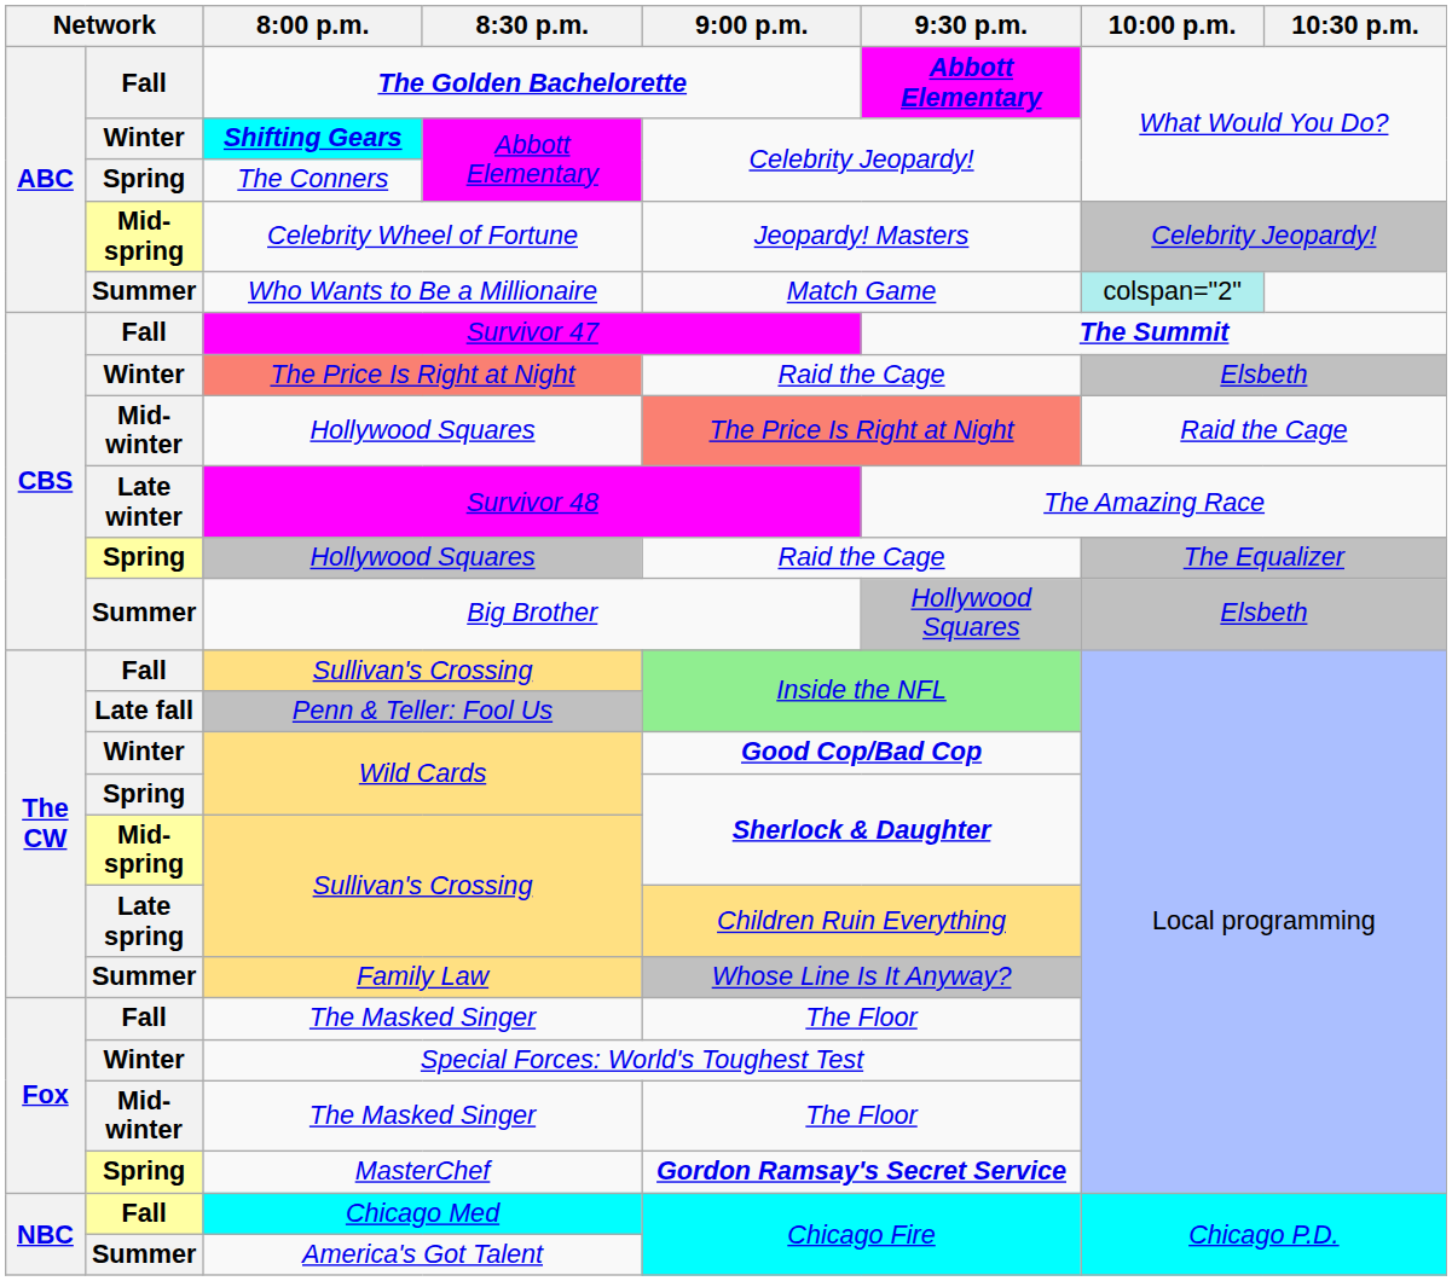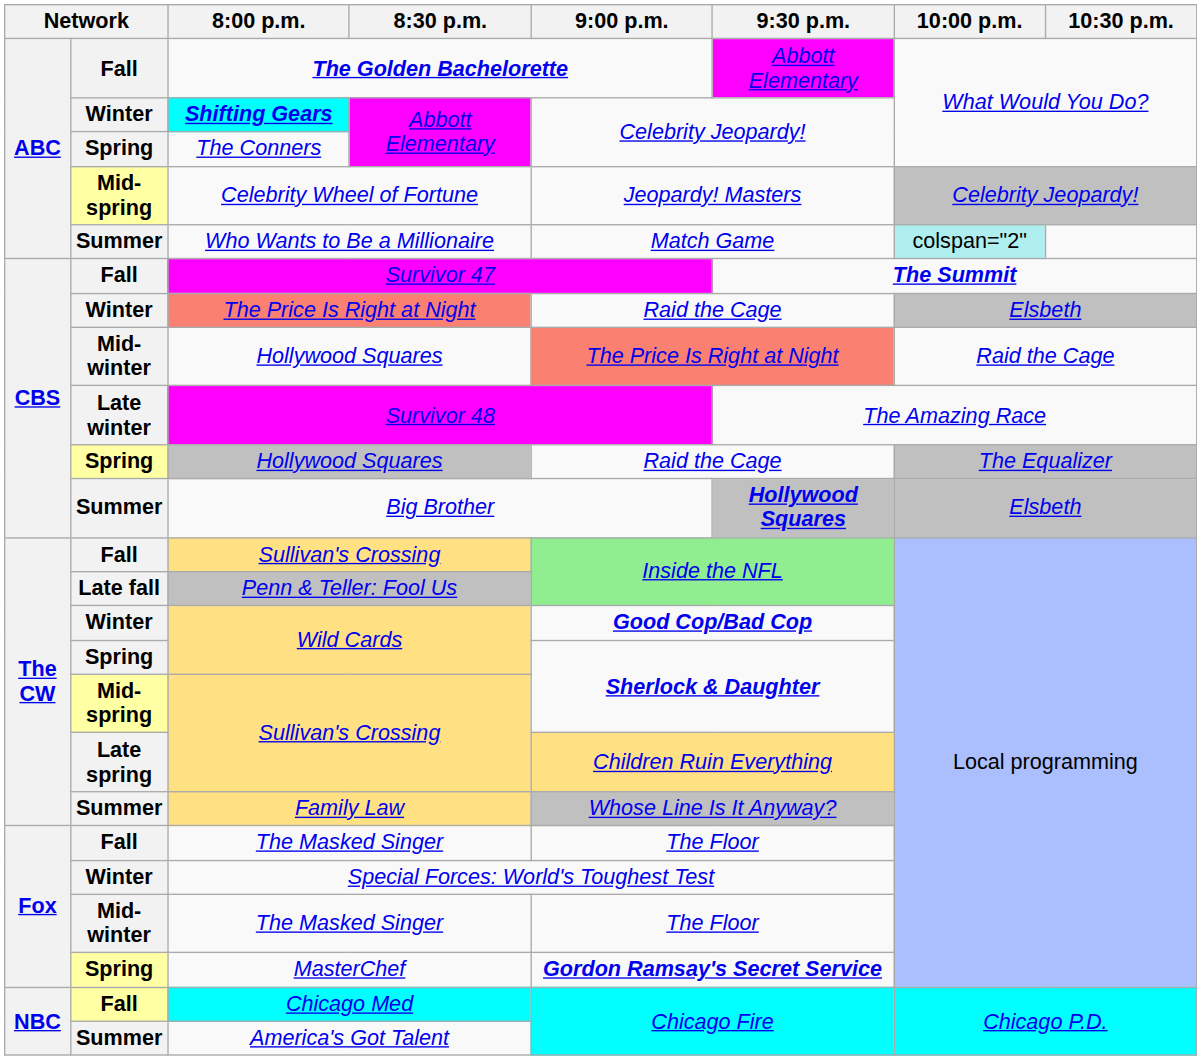 <table class="wikitable" style="width:100%;margin-right:0;text-align:center">
 <tr>
 <th colspan="2" style="width:13%;">Network</th>
 <th style="width:15%;">8:00 p.m.</th>
 <th style="width:15%;">8:30 p.m.</th>
 <th style="width:15%;">9:00 p.m.</th>
 <th style="width:15%;">9:30 p.m.</th>
 <th style="width:12.5%;">10:00 p.m.</th>
 <th style="width:12.5%;">10:30 p.m.</th>
 </tr>
 <tr>
 <th rowspan="5"><a href='#'>ABC</a></th>
 <th>Fall</th>
 <td colspan="3"><strong><em><a href='#'>The Golden Bachelorette</a></em></strong></td>
-<td style="background:magenta;"><strong><em><a href='#'>Abbott Elementary</a></em> </strong></td>
+<td style="background:magenta;"><em><a href='#'>Abbott Elementary</a></em> </td>
 <td rowspan="3" colspan="2"><em><a href='#'>What Would You Do?</a></em></td>
 </tr>
 <tr>
 <th>Winter</th>
 <td style="background:cyan;"><strong><em><a href='#'>Shifting Gears</a></em></strong> </td>
 <td style="background:magenta;" rowspan="2"><em><a href='#'>Abbott Elementary</a></em> </td>
 <td rowspan="2" colspan="2"><em><a href='#'>Celebrity Jeopardy!</a></em></td>
 </tr>
 <tr>
 <th>Spring</th>
 <td><em><a href='#'>The Conners</a></em></td>
 </tr>
 <tr>
 <th style="background:#FFFFA3;">Mid-spring</th>
 <td colspan="2"><em><a href='#'>Celebrity Wheel of Fortune</a></em></td>
 <td colspan="2"><em><a href='#'>Jeopardy! Masters</a></em></td>
 <td colspan="2" style="background:#C0C0C0;"><em><a href='#'>Celebrity Jeopardy!</a></em> </td>
 </tr>
 <tr>
 <th>Summer</th>
 <td colspan="2"><em><a href='#'>Who Wants to Be a Millionaire</a></em> </td>
 <td colspan="2"><em><a href='#'>Match Game</a></em> </td>
 <td style="background: paleturquoise;">colspan="2" </td>
 </tr>
 <tr>
 <th rowspan="6"><a href='#'>CBS</a></th>
 <th>Fall</th>
 <td colspan="3" style="background:magenta;"><em><a href='#'>Survivor 47</a></em> </td>
 <td colspan="3"><strong><em><a href='#'>The Summit</a></em></strong></td>
 </tr>
 <tr>
 <th>Winter</th>
 <td colspan="2" style="background:#FA8072;"><em><a href='#'>The Price Is Right at Night</a></em></td>
 <td colspan="2"><em><a href='#'>Raid the Cage</a></em></td>
 <td colspan="2" style="background:#C0C0C0;"><em><a href='#'>Elsbeth</a></em> </td>
 </tr>
 <tr>
 <th>Mid-winter</th>
 <td colspan="2"><em><a href='#'>Hollywood Squares</a></em></td>
 <td colspan="2" style="background:#FA8072;"><em><a href='#'>The Price Is Right at Night</a></em></td>
 <td colspan="2"><em><a href='#'>Raid the Cage</a></em></td>
 </tr>
 <tr>
 <th>Late winter</th>
 <td colspan="3" style="background:magenta;"><em><a href='#'>Survivor 48</a></em> <br></td>
 <td colspan="3"><em><a href='#'>The Amazing Race</a></em></td>
 </tr>
 <tr>
 <th style="background:#FFFFA3;">Spring</th>
 <td colspan="2" style="background:#C0C0C0;"><em><a href='#'>Hollywood Squares</a></em> </td>
 <td colspan="2"><em><a href='#'>Raid the Cage</a></em></td>
 <td colspan="2" style="background:#C0C0C0;"><em><a href='#'>The Equalizer</a></em> </td>
 </tr>
 <tr>
 <th>Summer</th>
 <td colspan="3"><em><a href='#'>Big Brother</a></em> </td>
-<td style="background:#C0C0C0;"><em><a href='#'>Hollywood Squares</a></em>  </td>
+<td style="background:#C0C0C0;"><strong><em><a href='#'>Hollywood Squares</a></em>  </strong></td>
 <td colspan="2" style="background:#C0C0C0;"><em><a href='#'>Elsbeth</a></em>  </td>
 </tr>
 <tr>
 <th rowspan="7"><a href='#'>The CW</a></th>
 <th>Fall</th>
 <td colspan="2" style="background:#FFE082;"><em><a href='#'>Sullivan's Crossing</a></em></td>
 <td rowspan="2" colspan="2" style="background:lightgreen;"><em><a href='#'>Inside the NFL</a></em></td>
 <td rowspan="11" colspan="2" style="background:#abbfff;">Local programming</td>
 </tr>
 <tr>
 <th>Late fall</th>
 <td colspan="2" style="background:#C0C0C0;"><em><a href='#'>Penn & Teller: Fool Us</a></em> </td>
 </tr>
 <tr>
 <th>Winter</th>
 <td rowspan="2" colspan="2" style="background:#FFE082;"><em><a href='#'>Wild Cards</a></em></td>
 <td colspan="2"><strong><em><a href='#'>Good Cop/Bad Cop</a></em></strong></td>
 </tr>
 <tr>
 <th>Spring</th>
 <td rowspan="2" colspan="2"><strong><em><a href='#'>Sherlock & Daughter</a></em></strong></td>
 </tr>
 <tr>
 <th style="background:#FFFFA3;">Mid-spring</th>
 <td rowspan="2" colspan="2" style="background:#FFE082;"><em><a href='#'>Sullivan's Crossing</a></em></td>
 </tr>
 <tr>
 <th>Late spring</th>
 <td colspan="2" style="background:#FFE082;"><em><a href='#'>Children Ruin Everything</a></em> </td>
 </tr>
 <tr>
 <th>Summer</th>
 <td colspan="2" style="background:#FFE082;"><em><a href='#'>Family Law</a></em> </td>
 <td colspan="2" style="background:#C0C0C0;"><em><a href='#'>Whose Line Is It Anyway?</a></em>  </td>
 </tr>
 <tr>
 <th rowspan="4"><a href='#'>Fox</a></th>
 <th>Fall</th>
 <td colspan="2"><em><a href='#'>The Masked Singer</a></em></td>
 <td colspan="2"><em><a href='#'>The Floor</a></em></td>
 </tr>
 <tr>
 <th>Winter</th>
 <td colspan="4"><em><a href='#'>Special Forces: World's Toughest Test</a></em></td>
 </tr>
 <tr>
 <th>Mid-winter</th>
 <td colspan="2"><em><a href='#'>The Masked Singer</a></em></td>
 <td colspan="2"><em><a href='#'>The Floor</a></em></td>
 </tr>
 <tr>
 <th style="background:#FFFFA3;">Spring</th>
 <td colspan="2"><em><a href='#'>MasterChef</a></em></td>
 <td colspan="2"><strong><em><a href='#'>Gordon Ramsay's Secret Service</a></em></strong></td>
 </tr>
 <tr>
 <th rowspan="2"><a href='#'>NBC</a></th>
 <th style="background:#FFFFA3;">Fall</th>
 <td colspan="2" style="background:cyan;"><em><a href='#'>Chicago Med</a></em> </td>
 <td rowspan="2" colspan="2" style="background:cyan;"><em><a href='#'>Chicago Fire</a></em> </td>
 <td rowspan="2" colspan="2" style="background:cyan;"><em><a href='#'>Chicago P.D.</a></em> </td>
 </tr>
 <tr>
 <th>Summer</th>
 <td colspan="2"><em><a href='#'>America's Got Talent</a></em> </td>
 </tr>
 </table>
